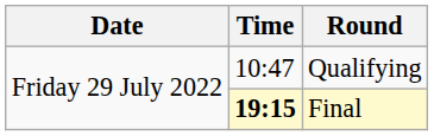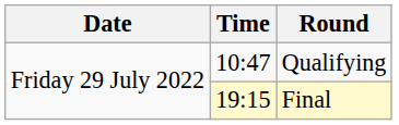 <table class="wikitable">
 <tr>
 <th>Date</th>
 <th>Time</th>
 <th>Round</th>
 </tr>
 <tr>
 <td rowspan=2>Friday 29 July 2022</td>
 <td>10:47</td>
 <td>Qualifying</td>
 </tr>
 <tr>
-<td style=background:lemonchiffon><strong>19:15</strong></td>
+<td style=background:lemonchiffon>19:15</td>
 <td style=background:lemonchiffon>Final</td>
 </tr>
 </table>
